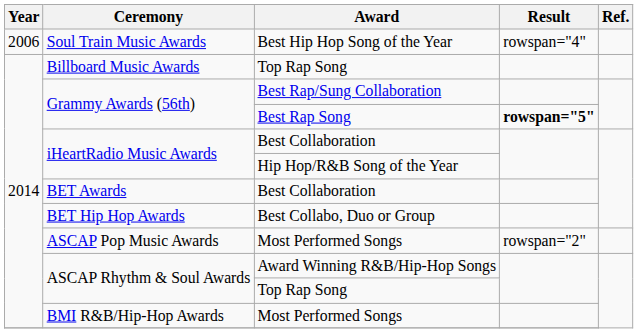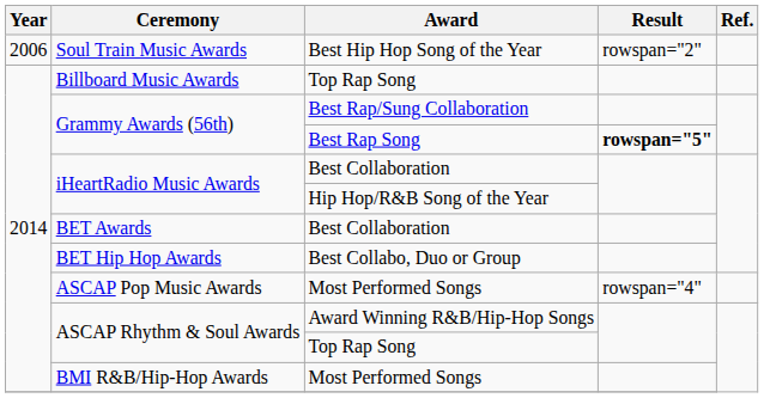 <table class="wikitable">
 <tr>
 <th>Year</th>
 <th>Ceremony</th>
 <th>Award</th>
 <th>Result</th>
 <th>Ref.</th>
 </tr>
 <tr>
 <td>2006</td>
 <td><a href='#'>Soul Train Music Awards</a></td>
 <td>Best Hip Hop Song of the Year</td>
-<td>rowspan="4" </td>
+<td>rowspan="2" </td>
 <td style="text-align:center;"></td>
 </tr>
 <tr>
 <td rowspan="11">2014</td>
 <td><a href='#'>Billboard Music Awards</a></td>
 <td>Top Rap Song</td>
 <td style="text-align:center;"></td>
 </tr>
 <tr>
 <td rowspan="2"><a href='#'>Grammy Awards</a> (<a href='#'>56th</a>)</td>
 <td><a href='#'>Best Rap/Sung Collaboration</a></td>
 <td></td>
 <td style="text-align:center;" rowspan="2"></td>
 </tr>
 <tr>
 <td><a href='#'>Best Rap Song</a></td>
 <td><strong>rowspan="5" </strong></td>
 </tr>
 <tr>
 <td rowspan="2"><a href='#'>iHeartRadio Music Awards</a></td>
 <td>Best Collaboration</td>
 <td style="text-align:center;" rowspan="2"></td>
 </tr>
 <tr>
 <td>Hip Hop/R&B Song of the Year</td>
 </tr>
 <tr>
 <td><a href='#'>BET Awards</a></td>
 <td>Best Collaboration</td>
 <td style="text-align:center;"></td>
 </tr>
 <tr>
 <td><a href='#'>BET Hip Hop Awards</a></td>
 <td>Best Collabo, Duo or Group</td>
 <td style="text-align:center;"></td>
 </tr>
 <tr>
 <td><a href='#'>ASCAP</a> Pop Music Awards</td>
 <td>Most Performed Songs</td>
-<td>rowspan="2" </td>
+<td>rowspan="4" </td>
 <td style="text-align:center;"></td>
 </tr>
 <tr>
 <td rowspan="2">ASCAP Rhythm & Soul Awards</td>
 <td>Award Winning R&B/Hip-Hop Songs</td>
 <td style="text-align:center;" rowspan="2"></td>
 </tr>
 <tr>
 <td>Top Rap Song</td>
 </tr>
 <tr>
 <td><a href='#'>BMI</a> R&B/Hip-Hop Awards</td>
 <td>Most Performed Songs</td>
 <td style="text-align:center;"></td>
 </tr>
 <tr>
 </tr>
 </table>
